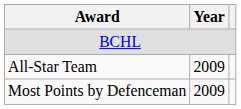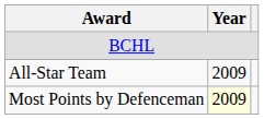 <table class="wikitable">
 <tr>
 <th>Award</th>
 <th>Year</th>
 <th></th>
 </tr>
 <tr ALIGN="center" bgcolor="#e0e0e0">
 <td colspan="3"><a href='#'>BCHL</a></td>
 </tr>
 <tr>
 <td>All-Star Team</td>
 <td>2009</td>
 <td></td>
 </tr>
 <tr>
 <td>Most Points by Defenceman</td>
-<td>2009</td>
+<td style="background: lightyellow;">2009</td>
 <td></td>
 </tr>
 </table>
